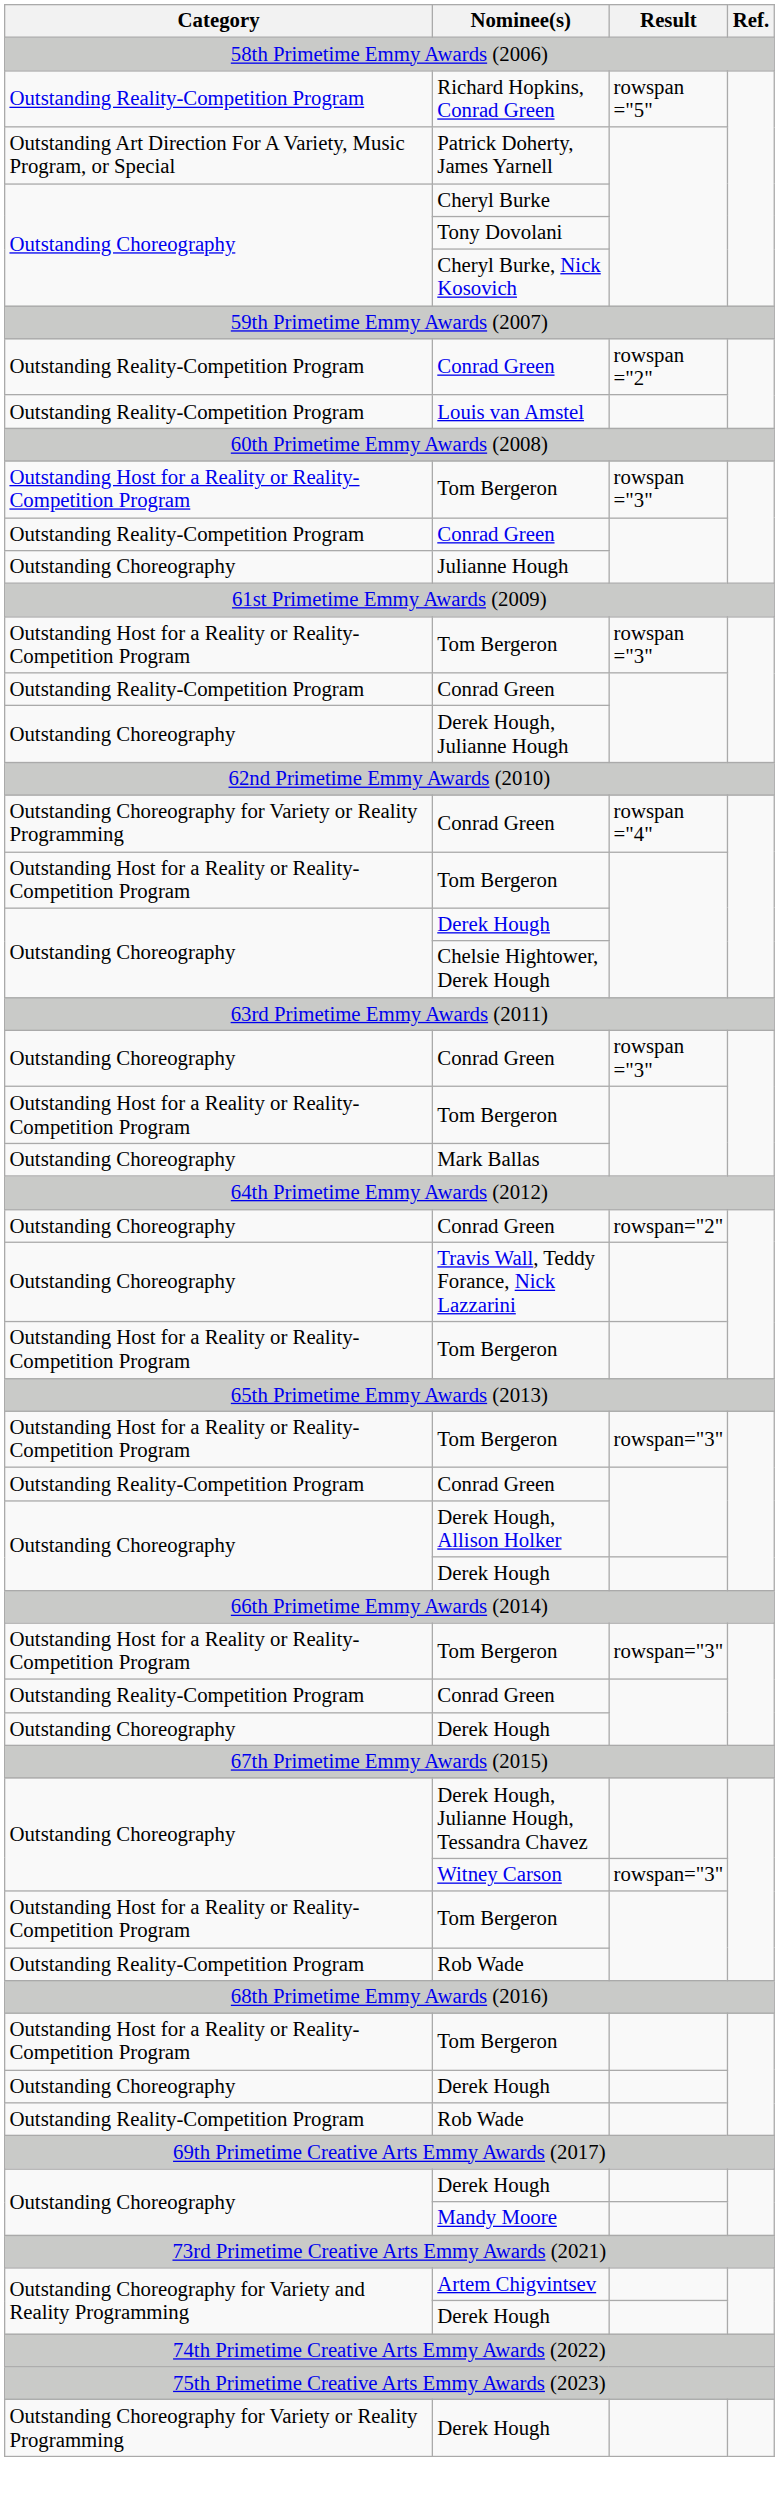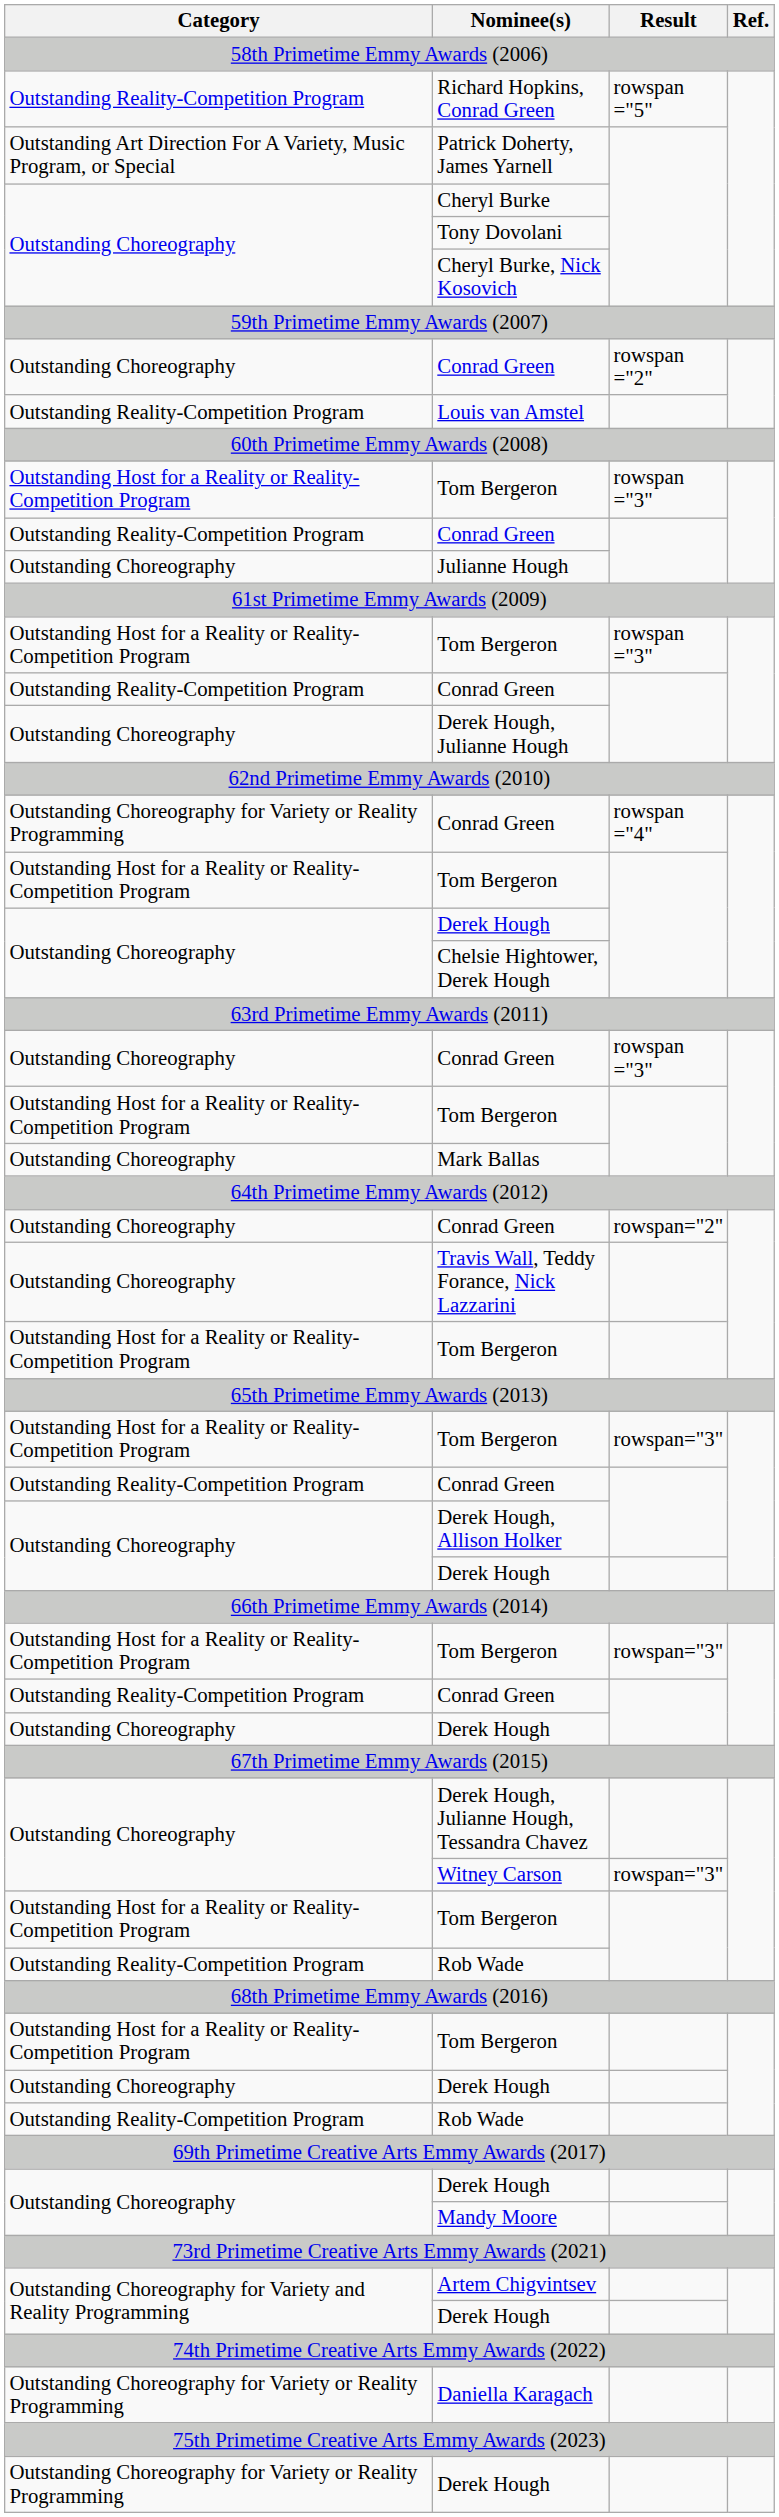 <table class="wikitable" style="width:95%;">
 <tr>
 <th width=65%>Category</th>
 <th width=25%>Nominee(s)</th>
 <th width=10%>Result</th>
 <th>Ref.</th>
 </tr>
 <tr>
 <td colspan="4" align="center" style="background:#c9cac8;"><a href='#'>58th Primetime Emmy Awards</a> (2006)</td>
 </tr>
 <tr>
 <td><a href='#'>Outstanding Reality-Competition Program</a></td>
 <td>Richard Hopkins, <a href='#'>Conrad Green</a></td>
 <td>rowspan ="5" </td>
 <td rowspan="5"><br> </td>
 </tr>
 <tr>
 <td>Outstanding Art Direction For A Variety, Music Program, or Special</td>
 <td>Patrick Doherty, James Yarnell</td>
 </tr>
 <tr>
 <td rowspan="3"><a href='#'>Outstanding Choreography</a></td>
 <td>Cheryl Burke</td>
 </tr>
 <tr>
 <td>Tony Dovolani</td>
 </tr>
 <tr>
 <td>Cheryl Burke, <a href='#'>Nick Kosovich</a></td>
 </tr>
 <tr>
 <td colspan="4" align="center" style="background:#c9cac8;"><a href='#'>59th Primetime Emmy Awards</a> (2007)</td>
 </tr>
 <tr>
-<td>Outstanding Reality-Competition Program</td>
+<td>Outstanding Choreography</td>
 <td><a href='#'>Conrad Green</a></td>
 <td>rowspan ="2" </td>
 <td rowspan="2"><br></td>
 </tr>
 <tr>
 <td>Outstanding Reality-Competition Program</td>
 <td><a href='#'>Louis van Amstel</a></td>
 </tr>
 <tr>
 <td colspan="4" align="center" style="background:#c9cac8;"><a href='#'>60th Primetime Emmy Awards</a> (2008)</td>
 </tr>
 <tr>
 <td><a href='#'>Outstanding Host for a Reality or Reality-Competition Program</a></td>
 <td>Tom Bergeron</td>
 <td>rowspan ="3" </td>
 <td rowspan="3"><br> </td>
 </tr>
 <tr>
 <td>Outstanding Reality-Competition Program</td>
 <td><a href='#'>Conrad Green</a></td>
 </tr>
 <tr>
 <td>Outstanding Choreography</td>
 <td>Julianne Hough</td>
 </tr>
 <tr>
 <td colspan="4" align="center" style="background:#c9cac8;"><a href='#'>61st Primetime Emmy Awards</a> (2009)</td>
 </tr>
 <tr>
 <td>Outstanding Host for a Reality or Reality-Competition Program</td>
 <td>Tom Bergeron</td>
 <td>rowspan ="3" </td>
 <td rowspan="3"><br> </td>
 </tr>
 <tr>
 <td>Outstanding Reality-Competition Program</td>
 <td>Conrad Green</td>
 </tr>
 <tr>
 <td>Outstanding Choreography</td>
 <td>Derek Hough, Julianne Hough</td>
 </tr>
 <tr>
 <td colspan="4" align="center" style="background:#c9cac8;"><a href='#'>62nd Primetime Emmy Awards</a> (2010)</td>
 </tr>
 <tr>
 <td>Outstanding Choreography for Variety or Reality Programming</td>
 <td>Conrad Green</td>
 <td>rowspan ="4" </td>
 <td rowspan="4"><br> </td>
 </tr>
 <tr>
 <td>Outstanding Host for a Reality or Reality-Competition Program</td>
 <td>Tom Bergeron</td>
 </tr>
 <tr>
 <td rowspan ="2">Outstanding Choreography</td>
 <td><a href='#'>Derek Hough</a></td>
 </tr>
 <tr>
 <td>Chelsie Hightower, Derek Hough</td>
 </tr>
 <tr>
 <td colspan="4" align="center" style="background:#c9cac8;"><a href='#'>63rd Primetime Emmy Awards</a> (2011)</td>
 </tr>
 <tr>
 <td>Outstanding Choreography</td>
 <td>Conrad Green</td>
 <td>rowspan ="3" </td>
 <td rowspan="3"><br> </td>
 </tr>
 <tr>
 <td>Outstanding Host for a Reality or Reality-Competition Program</td>
 <td>Tom Bergeron</td>
 </tr>
 <tr>
 <td>Outstanding Choreography</td>
 <td>Mark Ballas</td>
 </tr>
 <tr>
 <td colspan="4" align="center" style="background:#c9cac8;"><a href='#'>64th Primetime Emmy Awards</a> (2012)</td>
 </tr>
 <tr>
 <td>Outstanding Choreography</td>
 <td>Conrad Green</td>
 <td>rowspan="2" </td>
 <td rowspan="3"><br><br></td>
 </tr>
 <tr>
 <td>Outstanding Choreography</td>
 <td><a href='#'>Travis Wall</a>, Teddy Forance, <a href='#'>Nick Lazzarini</a></td>
 </tr>
 <tr>
 <td>Outstanding Host for a Reality or Reality-Competition Program</td>
 <td>Tom Bergeron</td>
 <td></td>
 </tr>
 <tr>
 <td colspan="4" align="center" style="background:#c9cac8;"><a href='#'>65th Primetime Emmy Awards</a> (2013)</td>
 </tr>
 <tr>
 <td>Outstanding Host for a Reality or Reality-Competition Program</td>
 <td>Tom Bergeron</td>
 <td>rowspan="3" </td>
 <td rowspan="4"><br><br></td>
 </tr>
 <tr>
 <td>Outstanding Reality-Competition Program</td>
 <td>Conrad Green</td>
 </tr>
 <tr>
 <td rowspan ="2">Outstanding Choreography</td>
 <td>Derek Hough, <a href='#'>Allison Holker</a></td>
 </tr>
 <tr>
 <td>Derek Hough</td>
 <td></td>
 </tr>
 <tr>
 <td colspan="4" align="center" style="background:#c9cac8;"><a href='#'>66th Primetime Emmy Awards</a> (2014)</td>
 </tr>
 <tr>
 <td>Outstanding Host for a Reality or Reality-Competition Program</td>
 <td>Tom Bergeron</td>
 <td>rowspan="3" </td>
 <td rowspan="3"><br><br></td>
 </tr>
 <tr>
 <td>Outstanding Reality-Competition Program</td>
 <td>Conrad Green</td>
 </tr>
 <tr>
 <td>Outstanding Choreography</td>
 <td>Derek Hough</td>
 </tr>
 <tr>
 <td colspan="4" align="center" style="background:#c9cac8;"><a href='#'>67th Primetime Emmy Awards</a> (2015)</td>
 </tr>
 <tr>
 <td rowspan="2">Outstanding Choreography</td>
 <td>Derek Hough, Julianne Hough, Tessandra Chavez</td>
 <td></td>
 <td rowspan="4"><br><br></td>
 </tr>
 <tr>
 <td><a href='#'>Witney Carson</a></td>
 <td>rowspan="3" </td>
 </tr>
 <tr>
 <td>Outstanding Host for a Reality or Reality-Competition Program</td>
 <td>Tom Bergeron</td>
 </tr>
 <tr>
 <td>Outstanding Reality-Competition Program</td>
 <td>Rob Wade</td>
 </tr>
 <tr>
 <td colspan="4" align="center" style="background:#c9cac8;"><a href='#'>68th Primetime Emmy Awards</a> (2016)</td>
 </tr>
 <tr>
 <td>Outstanding Host for a Reality or Reality-Competition Program</td>
 <td>Tom Bergeron</td>
 <td></td>
 <td rowspan="3"><br><br></td>
 </tr>
 <tr>
 <td>Outstanding Choreography</td>
 <td>Derek Hough</td>
 <td></td>
 </tr>
 <tr>
 <td>Outstanding Reality-Competition Program</td>
 <td>Rob Wade</td>
 <td></td>
 </tr>
 <tr>
 <td colspan="4" align="center" style="background:#c9cac8;"><a href='#'>69th Primetime Creative Arts Emmy Awards</a> (2017)</td>
 </tr>
 <tr>
 <td rowspan="2">Outstanding Choreography</td>
 <td>Derek Hough</td>
 <td></td>
 <td rowspan="2"></td>
 </tr>
 <tr>
 <td><a href='#'>Mandy Moore</a></td>
 <td></td>
 </tr>
 <tr>
 <td colspan="4" align="center" style="background:#c9cac8;"><a href='#'>73rd Primetime Creative Arts Emmy Awards</a> (2021)</td>
 </tr>
 <tr>
 <td rowspan="2">Outstanding Choreography for Variety and Reality Programming</td>
 <td><a href='#'>Artem Chigvintsev</a></td>
 <td></td>
 <td rowspan="2"></td>
 </tr>
 <tr>
 <td>Derek Hough</td>
 <td></td>
 </tr>
 <tr>
 <td colspan="4" align="center" style="background:#c9cac8;"><a href='#'>74th Primetime Creative Arts Emmy Awards</a> (2022)</td>
 </tr>
 <tr>
+<td>Outstanding Choreography for Variety or Reality Programming</td>
+<td><a href='#'>Daniella Karagach</a></td>
+<td></td>
+<td></td>
+</tr>
+<tr>
 <td colspan="4" align="center" style="background:#c9cac8;"><a href='#'>75th Primetime Creative Arts Emmy Awards</a> (2023)</td>
 </tr>
 <tr>
 <td>Outstanding Choreography for Variety or Reality Programming</td>
 <td>Derek Hough</td>
 <td></td>
 <td></td>
 </tr>
 </table>
